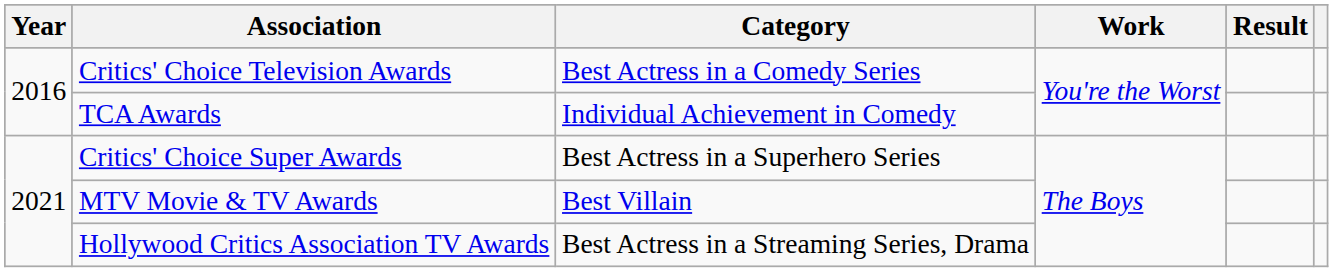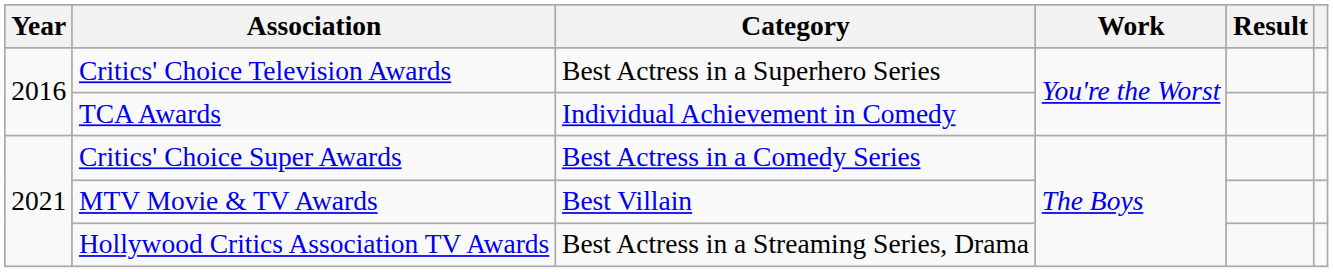 <table class="wikitable sortable">
 <tr>
 <th>Year</th>
 <th>Association</th>
 <th>Category</th>
 <th>Work</th>
 <th>Result</th>
 <th class="unsortable"></th>
 </tr>
 <tr>
 <td rowspan="2" style="text-align:center;">2016</td>
 <td><a href='#'>Critics' Choice Television Awards</a></td>
-<td><a href='#'>Best Actress in a Comedy Series</a></td>
+<td>Best Actress in a Superhero Series</td>
 <td rowspan="2"><em><a href='#'>You're the Worst</a></em></td>
 <td></td>
 <td style="text-align:center;"></td>
 </tr>
 <tr>
 <td><a href='#'>TCA Awards</a></td>
 <td><a href='#'>Individual Achievement in Comedy</a></td>
 <td></td>
 <td style="text-align:center;"></td>
 </tr>
 <tr>
 <td rowspan="3" style="text-align:center;">2021</td>
 <td><a href='#'>Critics' Choice Super Awards</a></td>
-<td>Best Actress in a Superhero Series</td>
+<td><a href='#'>Best Actress in a Comedy Series</a></td>
 <td rowspan="3"><em><a href='#'>The Boys</a></em></td>
 <td></td>
 <td style="text-align:center;"></td>
 </tr>
 <tr>
 <td><a href='#'>MTV Movie & TV Awards</a></td>
 <td><a href='#'>Best Villain</a></td>
 <td></td>
 <td style="text-align:center;"></td>
 </tr>
 <tr>
 <td><a href='#'>Hollywood Critics Association TV Awards</a></td>
 <td>Best Actress in a Streaming Series, Drama</td>
 <td></td>
 <td style="text-align:center;"></td>
 </tr>
 </table>
